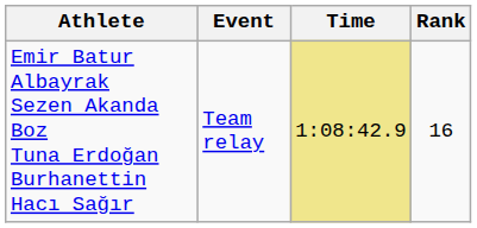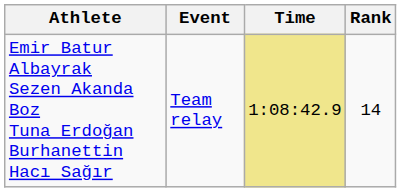 <table class="wikitable" style="text-align:center; font-size:90%; width:30%;">
 <tr>
 <th>Athlete</th>
 <th>Event</th>
 <th>Time</th>
 <th>Rank</th>
 </tr>
 <tr>
 <td align="left"><a href='#'>Emir Batur Albayrak</a><br> <a href='#'>Sezen Akanda Boz</a><br><a href='#'>Tuna Erdoğan</a><br><a href='#'>Burhanettin Hacı Sağır</a></td>
 <td align="left"><a href='#'>Team relay</a></td>
 <td style="background: khaki;">1:08:42.9</td>
-<td>16</td>
+<td>14</td>
 </tr>
 </table>
